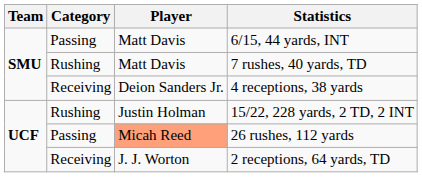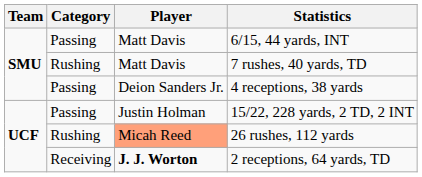 <table class="wikitable" style="float: left;">
 <tr>
 <th>Team</th>
 <th>Category</th>
 <th>Player</th>
 <th>Statistics</th>
 </tr>
 <tr>
 <td rowspan=3><strong>SMU</strong></td>
 <td>Passing</td>
 <td>Matt Davis</td>
 <td>6/15, 44 yards, INT</td>
 </tr>
 <tr>
 <td>Rushing</td>
 <td>Matt Davis</td>
 <td>7 rushes, 40 yards, TD</td>
 </tr>
 <tr>
-<td>Receiving</td>
+<td>Passing</td>
 <td>Deion Sanders Jr.</td>
 <td>4 receptions, 38 yards</td>
 </tr>
 <tr>
 <td rowspan=3><strong>UCF</strong></td>
-<td>Rushing</td>
+<td>Passing</td>
 <td>Justin Holman</td>
 <td>15/22, 228 yards, 2 TD, 2 INT</td>
 </tr>
 <tr>
-<td>Passing</td>
+<td>Rushing</td>
 <td style="background: lightsalmon;">Micah Reed</td>
 <td>26 rushes, 112 yards</td>
 </tr>
 <tr>
 <td>Receiving</td>
-<td>J. J. Worton</td>
+<td><strong>J. J. Worton</strong></td>
 <td>2 receptions, 64 yards, TD</td>
 </tr>
 </table>
